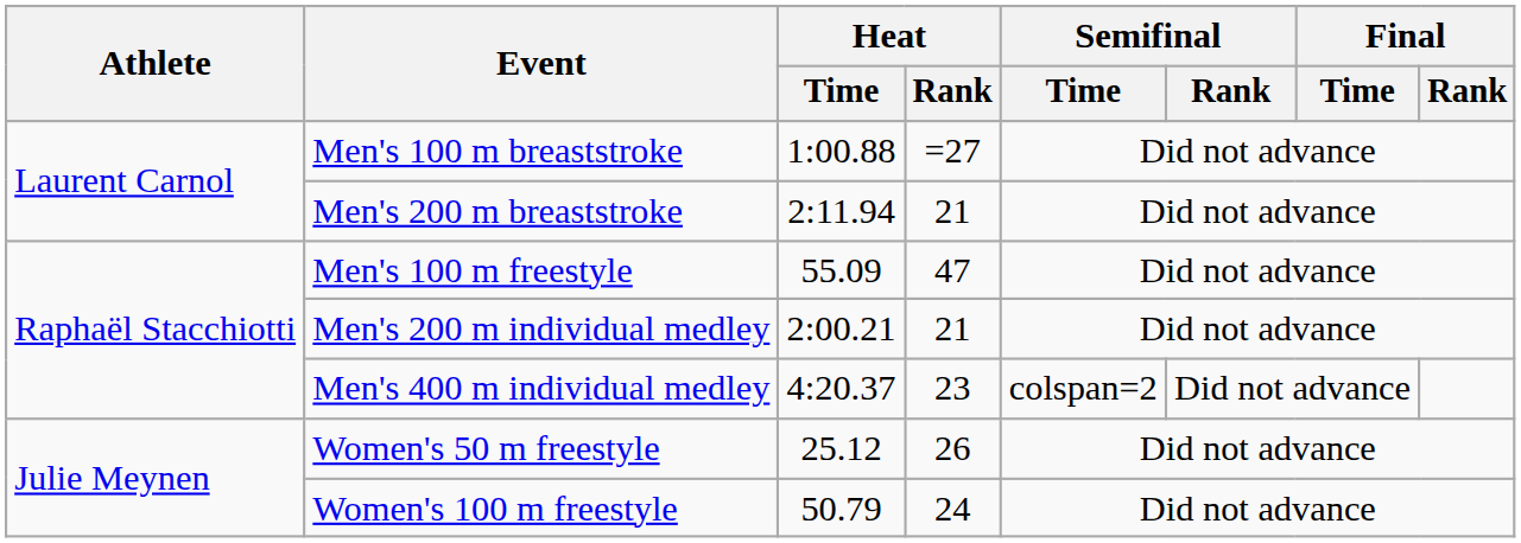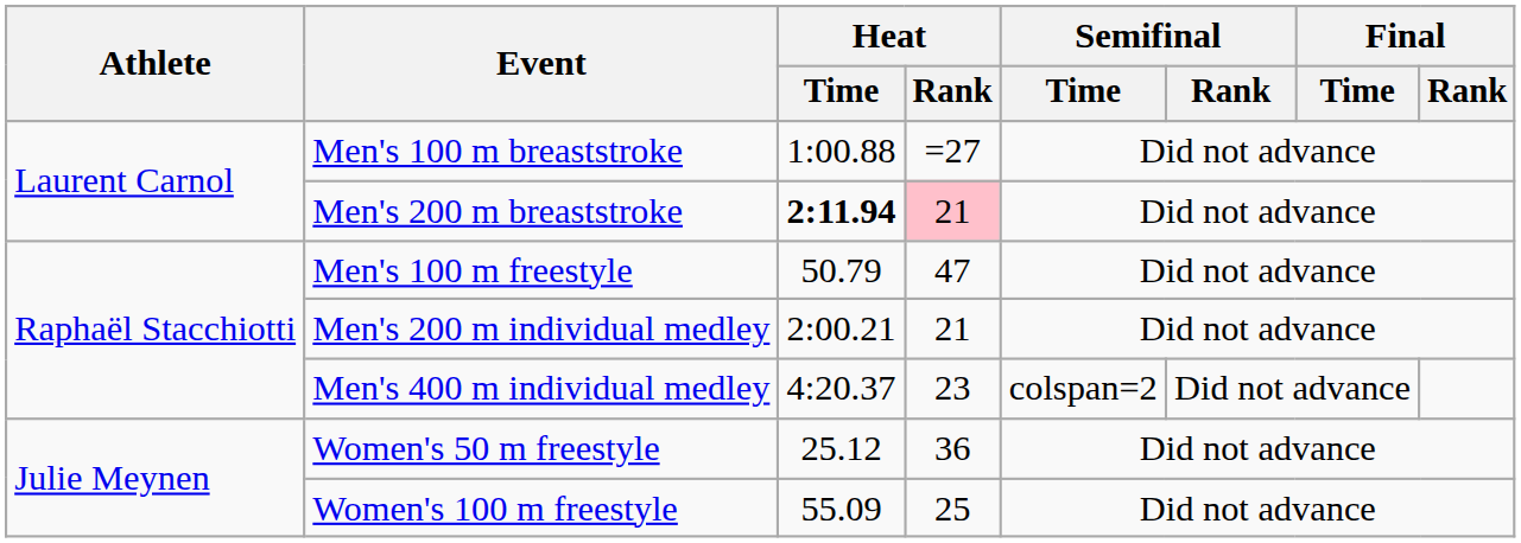 <table class=wikitable style="font-size:90%">
 <tr>
 <th rowspan="2">Athlete</th>
 <th rowspan="2">Event</th>
 <th colspan="2">Heat</th>
 <th colspan="2">Semifinal</th>
 <th colspan="2">Final</th>
 </tr>
 <tr style="font-size:95%">
 <th>Time</th>
 <th>Rank</th>
 <th>Time</th>
 <th>Rank</th>
 <th>Time</th>
 <th>Rank</th>
 </tr>
 <tr align=center>
 <td align=left rowspan=2><a href='#'>Laurent Carnol</a></td>
 <td align=left><a href='#'>Men's 100 m breaststroke</a></td>
 <td>1:00.88</td>
 <td>=27</td>
 <td colspan=4>Did not advance</td>
 </tr>
 <tr align=center>
 <td align=left><a href='#'>Men's 200 m breaststroke</a></td>
-<td>2:11.94</td>
-<td>21</td>
+<td><strong>2:11.94</strong></td>
+<td style="background: pink;">21</td>
 <td colspan=4>Did not advance</td>
 </tr>
 <tr align=center>
 <td align=left rowspan=3><a href='#'>Raphaël Stacchiotti</a></td>
 <td align=left><a href='#'>Men's 100 m freestyle</a></td>
-<td>55.09</td>
+<td>50.79</td>
 <td>47</td>
 <td colspan=4>Did not advance</td>
 </tr>
 <tr align=center>
 <td align=left><a href='#'>Men's 200 m individual medley</a></td>
 <td>2:00.21</td>
 <td>21</td>
 <td colspan=4>Did not advance</td>
 </tr>
 <tr align=center>
 <td align=left><a href='#'>Men's 400 m individual medley</a></td>
 <td>4:20.37</td>
 <td>23</td>
 <td>colspan=2 </td>
 <td colspan=2>Did not advance</td>
 </tr>
 <tr align=center>
 <td align=left rowspan=2><a href='#'>Julie Meynen</a></td>
 <td align=left><a href='#'>Women's 50 m freestyle</a></td>
 <td>25.12</td>
-<td>26</td>
+<td>36</td>
 <td colspan=4>Did not advance</td>
 </tr>
 <tr align=center>
 <td align=left><a href='#'>Women's 100 m freestyle</a></td>
-<td>50.79</td>
-<td>24</td>
+<td>55.09</td>
+<td>25</td>
 <td colspan=4>Did not advance</td>
 </tr>
 </table>
